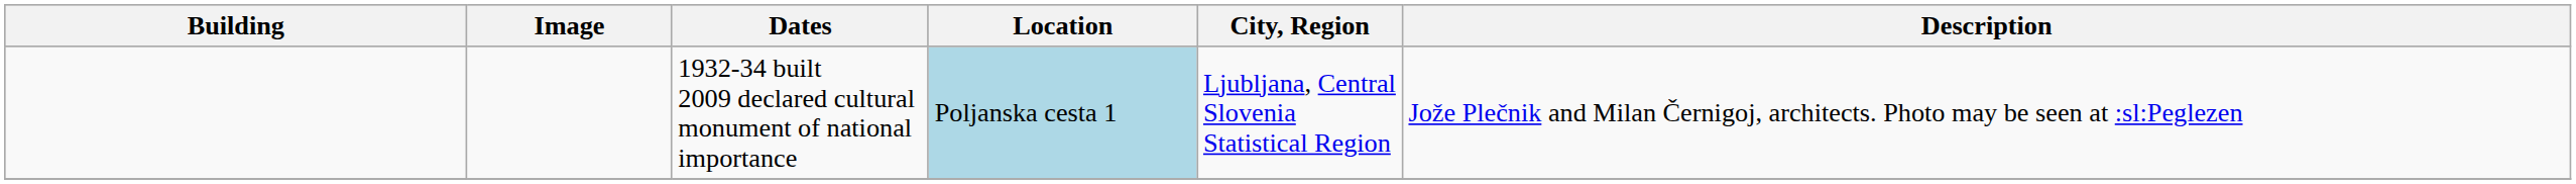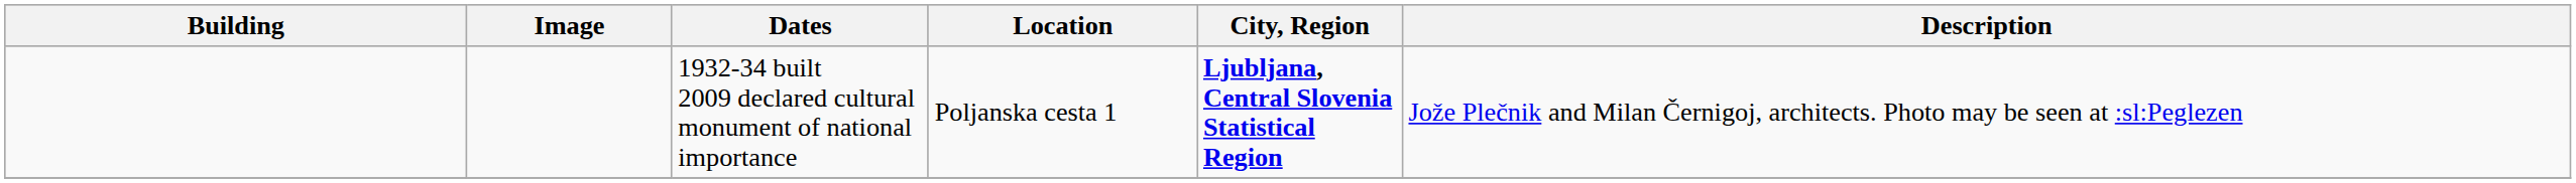 <table class="wikitable sortable" style="width:98%">
 <tr>
 <th width = 18%><strong>Building</strong></th>
 <th width = 8% class="unsortable"><strong>Image</strong></th>
 <th width = 10%><strong>Dates</strong></th>
 <th><strong>Location</strong></th>
 <th width = 8%><strong>City, Region</strong></th>
 <th class="unsortable"><strong>Description</strong></th>
 </tr>
 <tr>
 <td></td>
 <td></td>
 <td>1932-34 built<br>2009 declared cultural monument of national importance</td>
-<td style="background: lightblue;">Poljanska cesta 1<br></td>
-<td><a href='#'>Ljubljana</a>, <a href='#'>Central Slovenia Statistical Region</a></td>
+<td>Poljanska cesta 1<br></td>
+<td><strong><a href='#'>Ljubljana</a>, <a href='#'>Central Slovenia Statistical Region</a></strong></td>
 <td><a href='#'>Jože Plečnik</a> and Milan Černigoj, architects. Photo may be seen at <a href='#'>:sl:Peglezen</a></td>
 </tr>
 <tr>
 </tr>
 </table>
